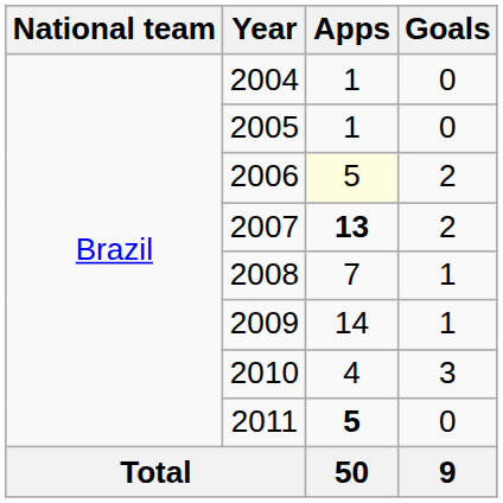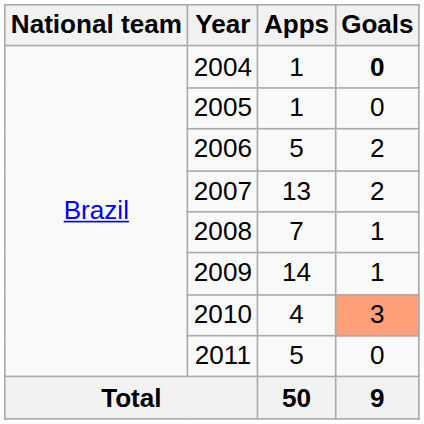 <table class="wikitable" style="text-align:center">
 <tr>
 <th>National team</th>
 <th>Year</th>
 <th>Apps</th>
 <th>Goals</th>
 </tr>
 <tr>
 <td rowspan="8"><a href='#'>Brazil</a></td>
 <td>2004</td>
 <td>1</td>
-<td>0</td>
+<td><strong>0</strong></td>
 </tr>
 <tr>
 <td>2005</td>
 <td>1</td>
 <td>0</td>
 </tr>
 <tr>
 <td>2006</td>
-<td style="background: lightyellow;">5</td>
+<td>5</td>
 <td>2</td>
 </tr>
 <tr>
 <td>2007</td>
-<td><strong>13</strong></td>
+<td>13</td>
 <td>2</td>
 </tr>
 <tr>
 <td>2008</td>
 <td>7</td>
 <td>1</td>
 </tr>
 <tr>
 <td>2009</td>
 <td>14</td>
 <td>1</td>
 </tr>
 <tr>
 <td>2010</td>
 <td>4</td>
-<td>3</td>
+<td style="background: lightsalmon;">3</td>
 </tr>
 <tr>
 <td>2011</td>
-<td><strong>5</strong></td>
+<td>5</td>
 <td>0</td>
 </tr>
 <tr>
 <th colspan="2">Total</th>
 <th>50</th>
 <th>9</th>
 </tr>
 </table>
